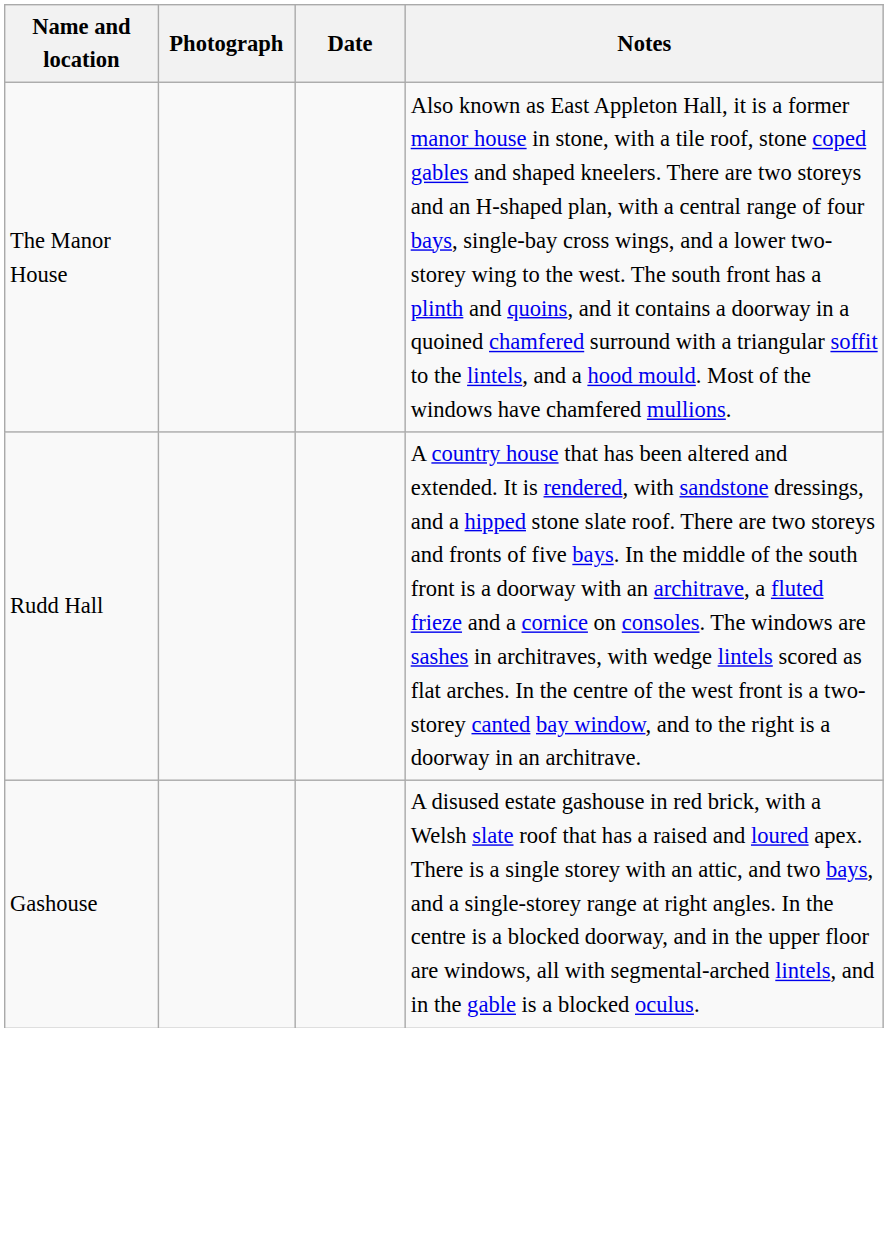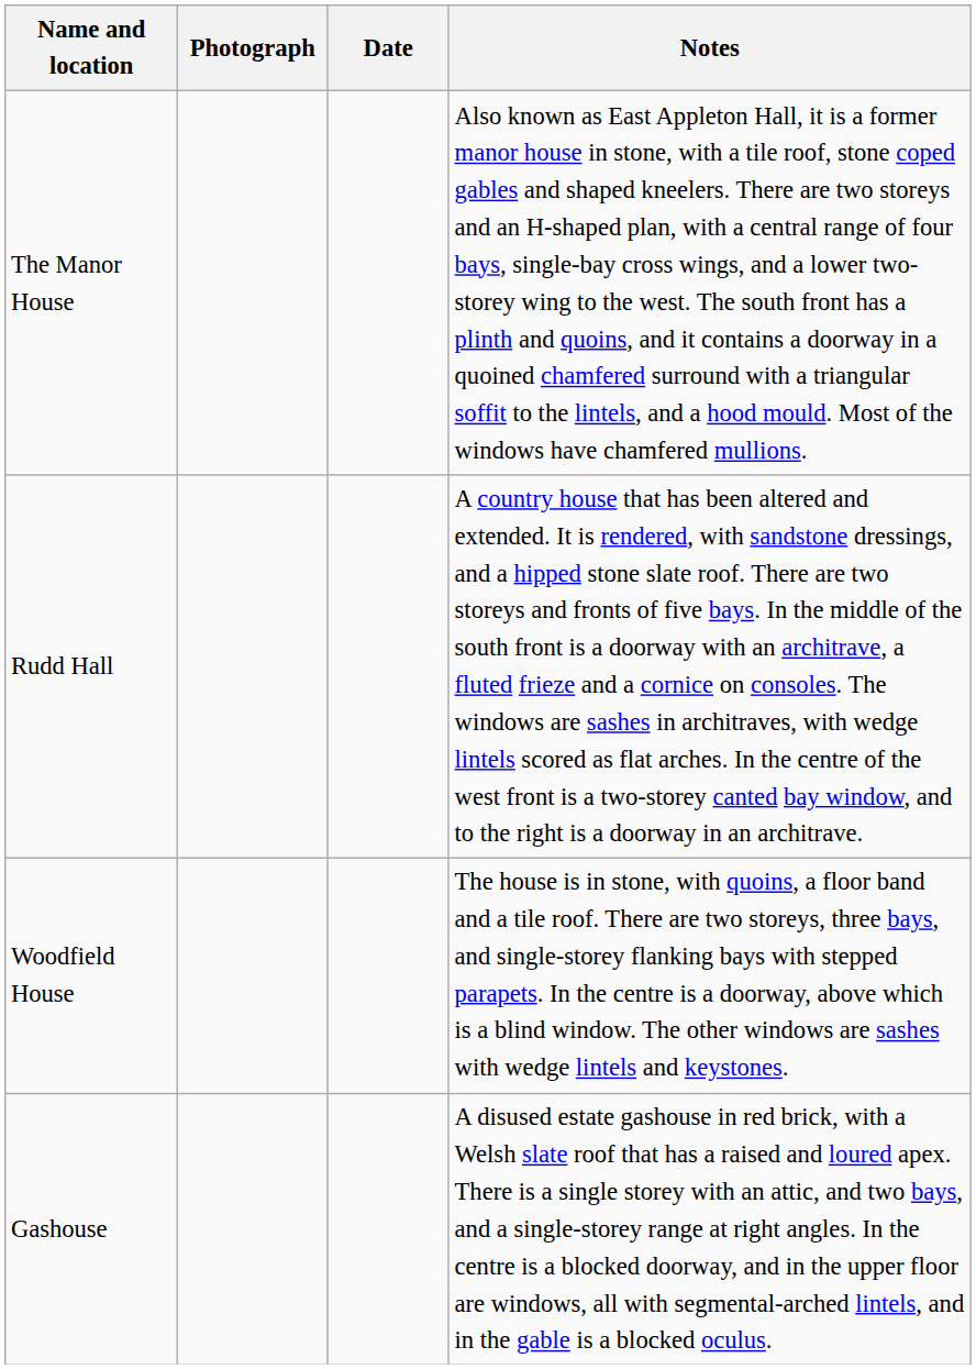 <table class="wikitable sortable plainrowheaders" style="width:100%;border:0px;text-align:left;line-height:150%;">
 <tr>
 <th scope="col"  style="width:150px">Name and location</th>
 <th scope="col"  style="width:100px" class="unsortable">Photograph</th>
 <th scope="col"  style="width:120px">Date</th>
 <th scope="col"  style="width:650px" class="unsortable">Notes</th>
 </tr>
 <tr>
 <td>The Manor House<br><small></small></td>
 <td></td>
 <td align="center"></td>
 <td>Also known as East Appleton Hall, it is a former <a href='#'>manor house</a> in stone, with a tile roof, stone <a href='#'>coped</a> <a href='#'>gables</a> and shaped kneelers.  There are two storeys and an H-shaped plan, with a central range of four <a href='#'>bays</a>, single-bay cross wings, and a lower two-storey wing to the west.  The south front has a <a href='#'>plinth</a> and <a href='#'>quoins</a>, and it contains a doorway in a quoined <a href='#'>chamfered</a> surround with a triangular <a href='#'>soffit</a> to the <a href='#'>lintels</a>, and a <a href='#'>hood mould</a>.  Most of the windows have chamfered <a href='#'>mullions</a>.</td>
 </tr>
 <tr>
 <td>Rudd Hall<br><small></small></td>
 <td></td>
 <td align="center"></td>
 <td>A <a href='#'>country house</a> that has been altered and extended.  It is <a href='#'>rendered</a>, with <a href='#'>sandstone</a> dressings, and a <a href='#'>hipped</a> stone slate roof.  There are two storeys and fronts of five <a href='#'>bays</a>.  In the middle of the south front is a doorway with an <a href='#'>architrave</a>, a <a href='#'>fluted</a> <a href='#'>frieze</a> and a <a href='#'>cornice</a> on <a href='#'>consoles</a>.  The windows are <a href='#'>sashes</a> in architraves, with wedge <a href='#'>lintels</a> scored as flat arches.  In the centre of the west front is a two-storey <a href='#'>canted</a> <a href='#'>bay window</a>, and to the right is a doorway in an architrave.</td>
 </tr>
 <tr>
+<td>Woodfield House<br><small></small></td>
+<td></td>
+<td align="center"></td>
+<td>The house is in stone, with <a href='#'>quoins</a>, a floor band and a tile roof.  There are two storeys, three <a href='#'>bays</a>, and single-storey flanking bays with stepped <a href='#'>parapets</a>.  In the centre is a doorway, above which is a blind window.  The other windows are <a href='#'>sashes</a> with wedge <a href='#'>lintels</a> and <a href='#'>keystones</a>.</td>
+</tr>
+<tr>
 <td>Gashouse<br><small></small></td>
 <td></td>
 <td align="center"></td>
 <td>A disused estate gashouse in red brick, with a Welsh <a href='#'>slate</a> roof that has a raised and <a href='#'>loured</a> apex.  There is a single storey with an attic, and two <a href='#'>bays</a>, and a single-storey range at right angles.  In the centre is a blocked doorway, and in the upper floor are windows, all with segmental-arched <a href='#'>lintels</a>, and in the <a href='#'>gable</a> is a blocked <a href='#'>oculus</a>.</td>
 </tr>
 <tr>
 </tr>
 </table>
